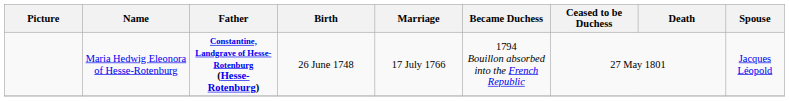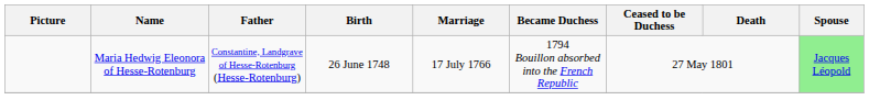 <table width=95% class="wikitable">
 <tr>
 <th width = "8%">Picture</th>
 <th width = "11%">Name</th>
 <th width = "9%">Father</th>
 <th width = "10%">Birth</th>
 <th width = "9%">Marriage</th>
 <th width = "9%">Became Duchess</th>
 <th width = "9%">Ceased to be Duchess</th>
 <th width = "9%">Death</th>
 <th width = "6%">Spouse</th>
 </tr>
 <tr>
 <td align="center"></td>
 <td align="center"><a href='#'>Maria Hedwig Eleonora of Hesse-Rotenburg</a></td>
-<td align="center"><strong><small><a href='#'>Constantine, Landgrave of Hesse-Rotenburg</a></small><br> (<a href='#'>Hesse-Rotenburg</a>)</strong></td>
+<td align="center"><small><a href='#'>Constantine, Landgrave of Hesse-Rotenburg</a></small><br> (<a href='#'>Hesse-Rotenburg</a>)</td>
 <td align="center">26 June 1748</td>
 <td align="center">17 July 1766</td>
 <td align="center">1794<br><em>Bouillon absorbed into the <a href='#'>French Republic</a></em></td>
 <td align="center" colspan="2">27 May 1801</td>
-<td align="center"><a href='#'>Jacques Léopold</a></td>
+<td align="center" style="background: lightgreen;"><a href='#'>Jacques Léopold</a></td>
 </tr>
 <tr>
 </tr>
 </table>
